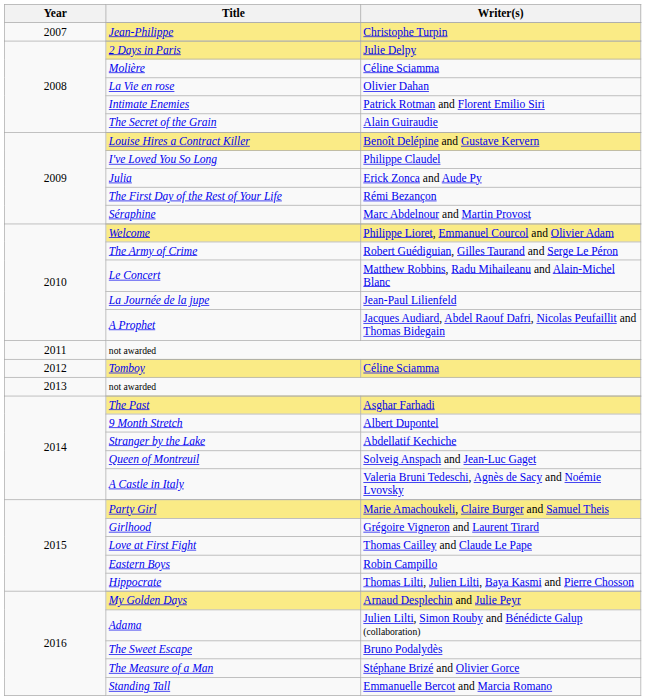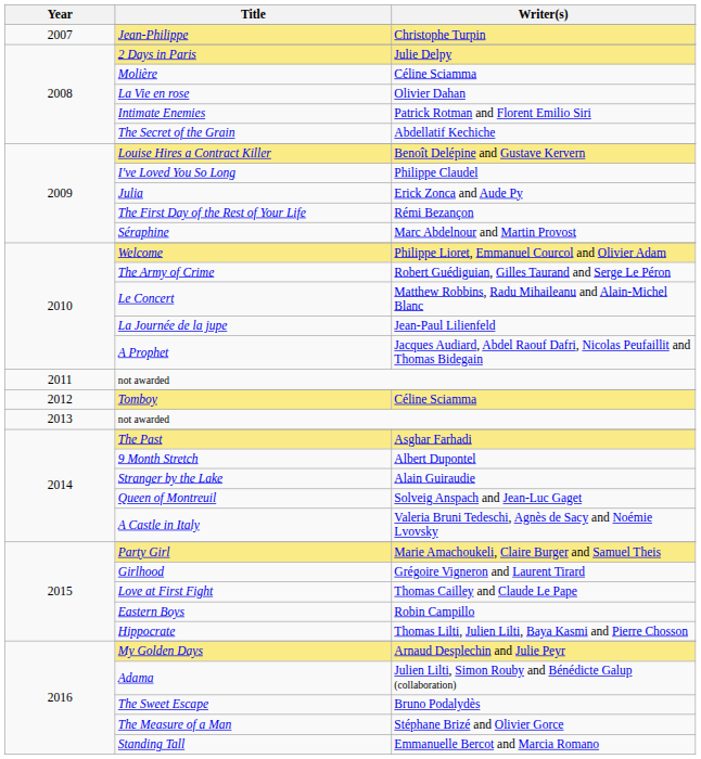 <table class="wikitable" style="width:70%;" cellpadding="5">
 <tr style="background:#bebebe;">
 <th style="width:8%;">Year</th>
 <th style="width:20%;">Title</th>
 <th style="width:22%;">Writer(s)</th>
 </tr>
 <tr>
 <td rowspan="2" style="text-align:center;">2007</td>
 </tr>
 <tr style="background:#FAEB86;">
 <td><em><a href='#'>Jean-Philippe</a></em></td>
 <td><a href='#'>Christophe Turpin</a></td>
 </tr>
 <tr>
 <td rowspan="6" style="text-align:center;">2008</td>
 </tr>
 <tr style="background:#FAEB86;">
 <td><em><a href='#'>2 Days in Paris</a></em></td>
 <td><a href='#'>Julie Delpy</a></td>
 </tr>
 <tr>
 <td><em><a href='#'>Molière</a></em></td>
 <td><a href='#'>Céline Sciamma</a></td>
 </tr>
 <tr>
 <td><em><a href='#'>La Vie en rose</a></em></td>
 <td><a href='#'>Olivier Dahan</a></td>
 </tr>
 <tr>
 <td><em><a href='#'>Intimate Enemies</a></em></td>
 <td><a href='#'>Patrick Rotman</a> and <a href='#'>Florent Emilio Siri</a></td>
 </tr>
 <tr>
 <td><em><a href='#'>The Secret of the Grain</a></em></td>
-<td><a href='#'>Alain Guiraudie</a></td>
+<td><a href='#'>Abdellatif Kechiche</a></td>
 </tr>
 <tr>
 <td rowspan="6" style="text-align:center;">2009</td>
 </tr>
 <tr style="background:#FAEB86;">
 <td><em><a href='#'>Louise Hires a Contract Killer</a></em></td>
 <td><a href='#'>Benoît Delépine</a> and <a href='#'>Gustave Kervern</a></td>
 </tr>
 <tr>
 <td><em><a href='#'>I've Loved You So Long</a></em></td>
 <td><a href='#'>Philippe Claudel</a></td>
 </tr>
 <tr>
 <td><em><a href='#'>Julia</a></em></td>
 <td><a href='#'>Erick Zonca</a> and <a href='#'>Aude Py</a></td>
 </tr>
 <tr>
 <td><em><a href='#'>The First Day of the Rest of Your Life</a></em></td>
 <td><a href='#'>Rémi Bezançon</a></td>
 </tr>
 <tr>
 <td><em><a href='#'>Séraphine</a></em></td>
 <td><a href='#'>Marc Abdelnour</a> and <a href='#'>Martin Provost</a></td>
 </tr>
 <tr>
 <td rowspan="6" style="text-align:center;">2010</td>
 </tr>
 <tr style="background:#FAEB86;">
 <td><em><a href='#'>Welcome</a></em></td>
 <td><a href='#'>Philippe Lioret</a>, <a href='#'>Emmanuel Courcol</a> and <a href='#'>Olivier Adam</a></td>
 </tr>
 <tr>
 <td><em><a href='#'>The Army of Crime</a></em></td>
 <td><a href='#'>Robert Guédiguian</a>, <a href='#'>Gilles Taurand</a> and <a href='#'>Serge Le Péron</a></td>
 </tr>
 <tr>
 <td><em><a href='#'>Le Concert</a></em></td>
 <td><a href='#'>Matthew Robbins</a>, <a href='#'>Radu Mihaileanu</a> and <a href='#'>Alain-Michel Blanc</a></td>
 </tr>
 <tr>
 <td><em><a href='#'>La Journée de la jupe</a></em></td>
 <td><a href='#'>Jean-Paul Lilienfeld</a></td>
 </tr>
 <tr>
 <td><em><a href='#'>A Prophet</a></em></td>
 <td><a href='#'>Jacques Audiard</a>, <a href='#'>Abdel Raouf Dafri</a>, <a href='#'>Nicolas Peufaillit</a> and <a href='#'>Thomas Bidegain</a></td>
 </tr>
 <tr>
 <td style="text-align:center;">2011</td>
 <td colspan="2"><small>not awarded</small></td>
 </tr>
 <tr>
 <td rowspan="2" style="text-align:center;">2012</td>
 </tr>
 <tr style="background:#FAEB86;">
 <td><em><a href='#'>Tomboy</a></em></td>
 <td><a href='#'>Céline Sciamma</a></td>
 </tr>
 <tr>
 <td style="text-align:center;">2013</td>
 <td colspan="2"><small>not awarded</small></td>
 </tr>
 <tr>
 <td rowspan="6" style="text-align:center;">2014</td>
 </tr>
 <tr style="background:#FAEB86;">
 <td><em><a href='#'>The Past</a></em></td>
 <td><a href='#'>Asghar Farhadi</a></td>
 </tr>
 <tr>
 <td><em><a href='#'>9 Month Stretch</a></em></td>
 <td><a href='#'>Albert Dupontel</a></td>
 </tr>
 <tr>
 <td><em><a href='#'>Stranger by the Lake</a></em></td>
-<td><a href='#'>Abdellatif Kechiche</a></td>
+<td><a href='#'>Alain Guiraudie</a></td>
 </tr>
 <tr>
 <td><em><a href='#'>Queen of Montreuil</a></em></td>
 <td><a href='#'>Solveig Anspach</a> and <a href='#'>Jean-Luc Gaget</a></td>
 </tr>
 <tr>
 <td><em><a href='#'>A Castle in Italy</a></em></td>
 <td><a href='#'>Valeria Bruni Tedeschi</a>, <a href='#'>Agnès de Sacy</a> and <a href='#'>Noémie Lvovsky</a></td>
 </tr>
 <tr>
 <td rowspan="6" style="text-align:center;">2015</td>
 </tr>
 <tr style="background:#FAEB86;">
 <td><em><a href='#'>Party Girl</a></em></td>
 <td><a href='#'>Marie Amachoukeli</a>, <a href='#'>Claire Burger</a> and <a href='#'>Samuel Theis</a></td>
 </tr>
 <tr>
 <td><em><a href='#'>Girlhood</a></em></td>
 <td><a href='#'>Grégoire Vigneron</a> and <a href='#'>Laurent Tirard</a></td>
 </tr>
 <tr>
 <td><em><a href='#'>Love at First Fight</a></em></td>
 <td><a href='#'>Thomas Cailley</a> and <a href='#'>Claude Le Pape</a></td>
 </tr>
 <tr>
 <td><em><a href='#'>Eastern Boys</a></em></td>
 <td><a href='#'>Robin Campillo</a></td>
 </tr>
 <tr>
 <td><em><a href='#'>Hippocrate</a></em></td>
 <td><a href='#'>Thomas Lilti</a>, <a href='#'>Julien Lilti</a>, <a href='#'>Baya Kasmi</a> and <a href='#'>Pierre Chosson</a></td>
 </tr>
 <tr>
 <td rowspan="6" style="text-align:center;">2016</td>
 </tr>
 <tr style="background:#FAEB86;">
 <td><em><a href='#'>My Golden Days</a></em></td>
 <td><a href='#'>Arnaud Desplechin</a> and <a href='#'>Julie Peyr</a></td>
 </tr>
 <tr>
 <td><em><a href='#'>Adama</a></em></td>
 <td><a href='#'>Julien Lilti</a>, <a href='#'>Simon Rouby</a> and <a href='#'>Bénédicte Galup</a> <small>(collaboration)</small></td>
 </tr>
 <tr>
 <td><em><a href='#'>The Sweet Escape</a></em></td>
 <td><a href='#'>Bruno Podalydès</a></td>
 </tr>
 <tr>
 <td><em><a href='#'>The Measure of a Man</a></em></td>
 <td><a href='#'>Stéphane Brizé</a> and <a href='#'>Olivier Gorce</a></td>
 </tr>
 <tr>
 <td><em><a href='#'>Standing Tall</a></em></td>
 <td><a href='#'>Emmanuelle Bercot</a> and <a href='#'>Marcia Romano</a></td>
 </tr>
 </table>
